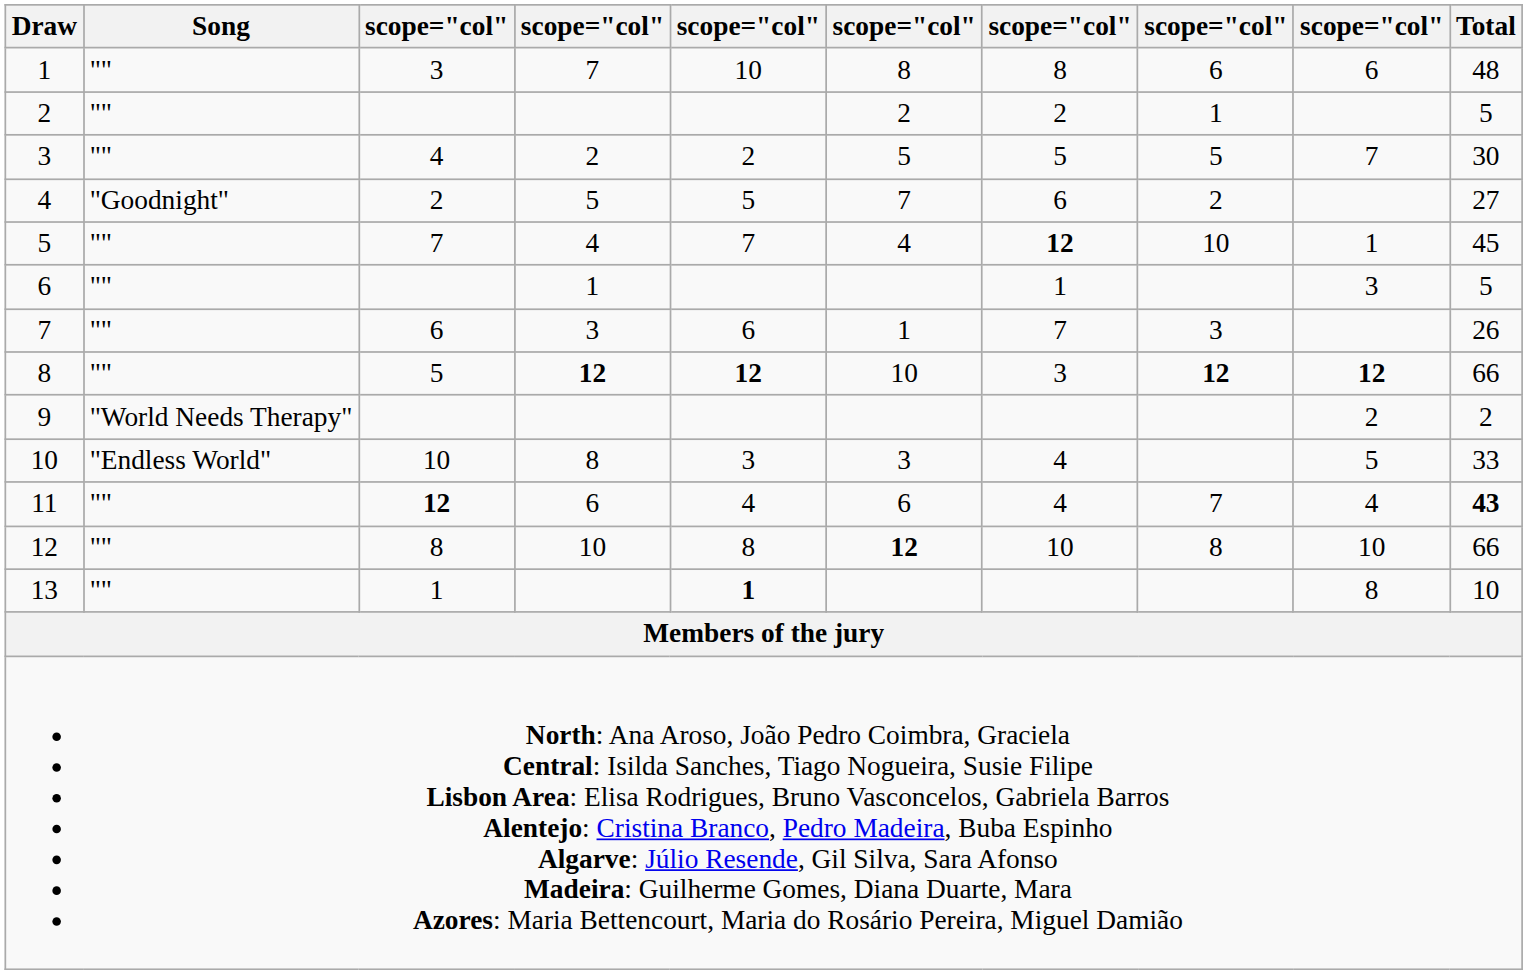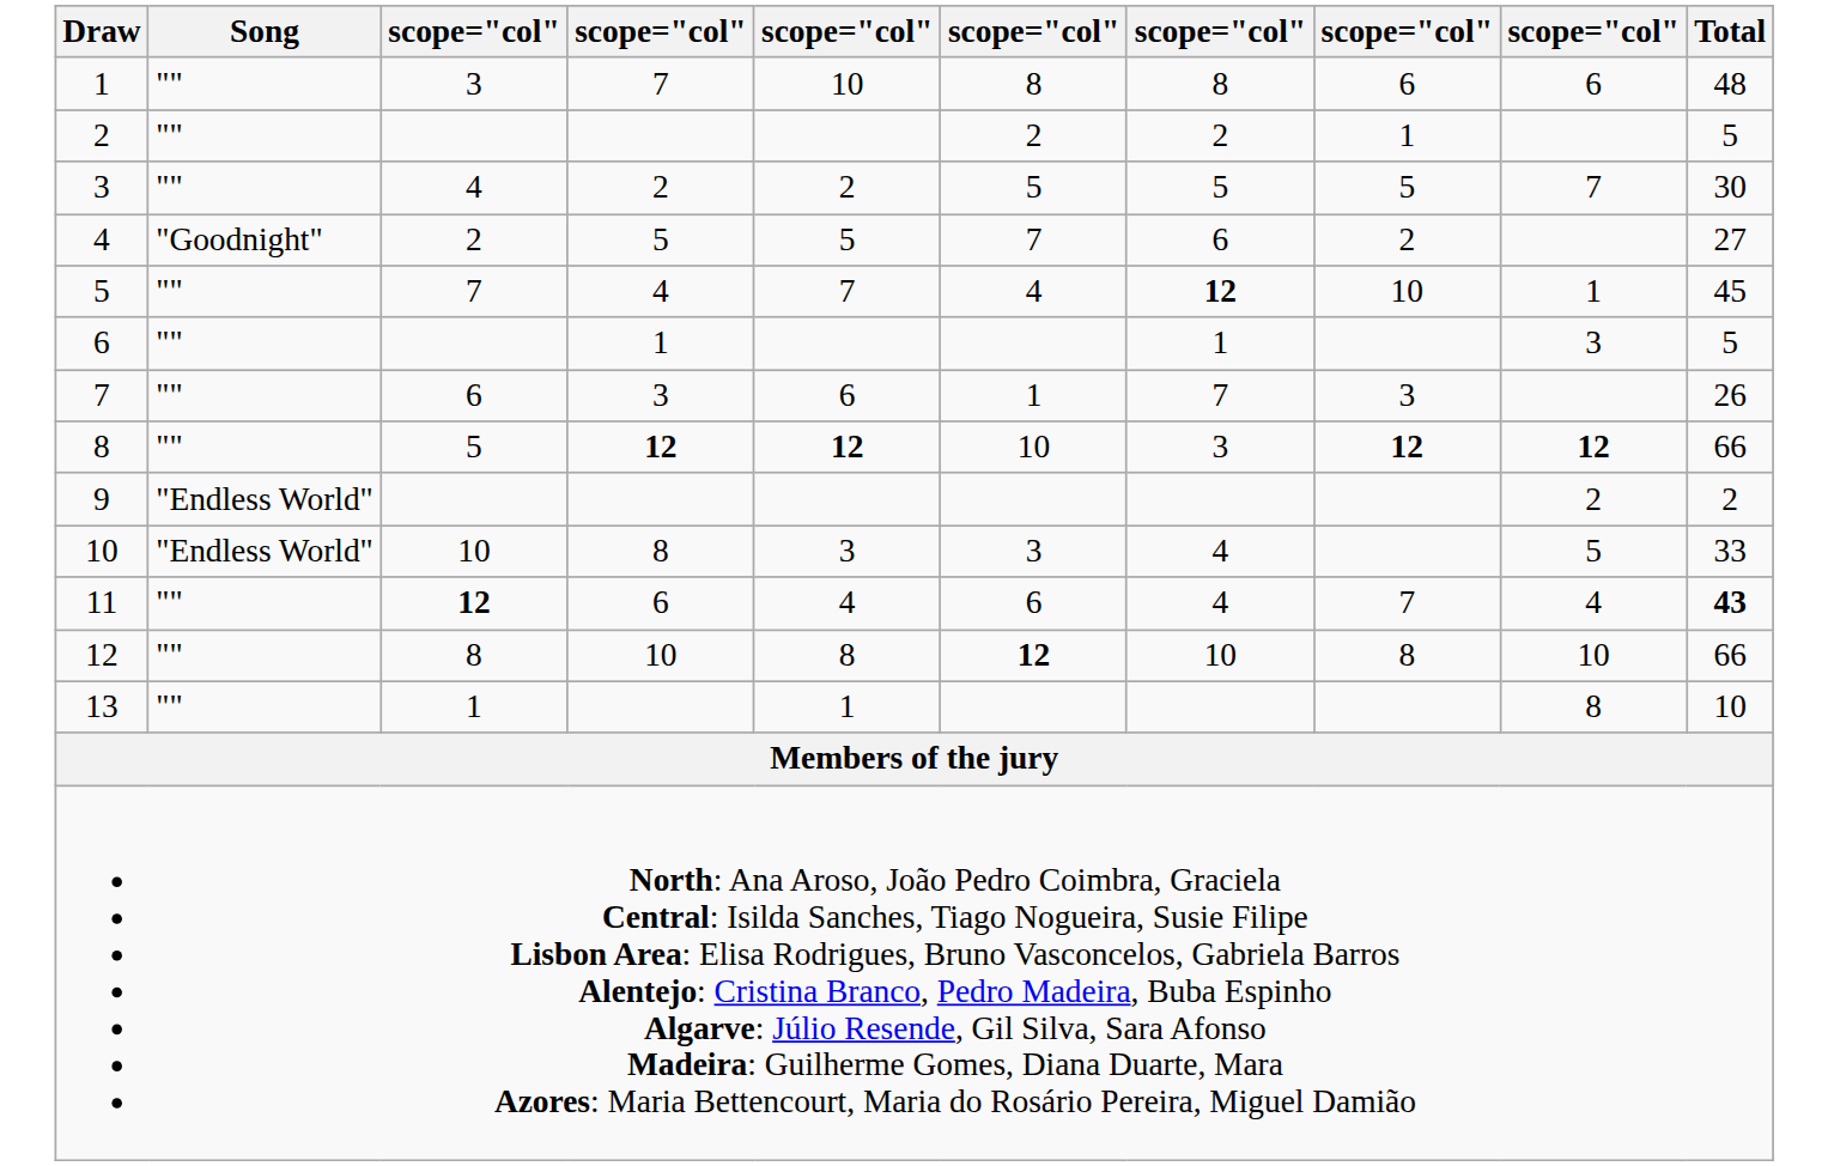 <table class="wikitable collapsible" style="margin: 1em auto 1em auto; text-align:center">
 <tr>
 <th>Draw</th>
 <th>Song</th>
 <th>scope="col" </th>
 <th>scope="col" </th>
 <th>scope="col" </th>
 <th>scope="col" </th>
 <th>scope="col" </th>
 <th>scope="col" </th>
 <th>scope="col" </th>
 <th>Total</th>
 </tr>
 <tr>
 <td>1</td>
 <td align="left">""</td>
 <td>3</td>
 <td>7</td>
 <td>10</td>
 <td>8</td>
 <td>8</td>
 <td>6</td>
 <td>6</td>
 <td>48</td>
 </tr>
 <tr>
 <td>2</td>
 <td align="left">""</td>
 <td></td>
 <td></td>
 <td></td>
 <td>2</td>
 <td>2</td>
 <td>1</td>
 <td></td>
 <td>5</td>
 </tr>
 <tr>
 <td>3</td>
 <td align="left">""</td>
 <td>4</td>
 <td>2</td>
 <td>2</td>
 <td>5</td>
 <td>5</td>
 <td>5</td>
 <td>7</td>
 <td>30</td>
 </tr>
 <tr>
 <td>4</td>
 <td align="left">"Goodnight"</td>
 <td>2</td>
 <td>5</td>
 <td>5</td>
 <td>7</td>
 <td>6</td>
 <td>2</td>
 <td></td>
 <td>27</td>
 </tr>
 <tr>
 <td>5</td>
 <td align="left">""</td>
 <td>7</td>
 <td>4</td>
 <td>7</td>
 <td>4</td>
 <td><strong>12</strong></td>
 <td>10</td>
 <td>1</td>
 <td>45</td>
 </tr>
 <tr>
 <td>6</td>
 <td align="left">""</td>
 <td></td>
 <td>1</td>
 <td></td>
 <td></td>
 <td>1</td>
 <td></td>
 <td>3</td>
 <td>5</td>
 </tr>
 <tr>
 <td>7</td>
 <td align="left">""</td>
 <td>6</td>
 <td>3</td>
 <td>6</td>
 <td>1</td>
 <td>7</td>
 <td>3</td>
 <td></td>
 <td>26</td>
 </tr>
 <tr>
 <td>8</td>
 <td align="left">""</td>
 <td>5</td>
 <td><strong>12</strong></td>
 <td><strong>12</strong></td>
 <td>10</td>
 <td>3</td>
 <td><strong>12</strong></td>
 <td><strong>12</strong></td>
 <td>66</td>
 </tr>
 <tr>
 <td>9</td>
-<td align="left">"World Needs Therapy"</td>
+<td align="left">"Endless World"</td>
 <td></td>
 <td></td>
 <td></td>
 <td></td>
 <td></td>
 <td></td>
 <td>2</td>
 <td>2</td>
 </tr>
 <tr>
 <td>10</td>
 <td align="left">"Endless World"</td>
 <td>10</td>
 <td>8</td>
 <td>3</td>
 <td>3</td>
 <td>4</td>
 <td></td>
 <td>5</td>
 <td>33</td>
 </tr>
 <tr>
 <td>11</td>
 <td align="left">""</td>
 <td><strong>12</strong></td>
 <td>6</td>
 <td>4</td>
 <td>6</td>
 <td>4</td>
 <td>7</td>
 <td>4</td>
 <td><strong>43</strong></td>
 </tr>
 <tr>
 <td>12</td>
 <td align="left">""</td>
 <td>8</td>
 <td>10</td>
 <td>8</td>
 <td><strong>12</strong></td>
 <td>10</td>
 <td>8</td>
 <td>10</td>
 <td>66</td>
 </tr>
 <tr>
 <td>13</td>
 <td align="left">""</td>
 <td>1</td>
 <td></td>
-<td><strong>1</strong></td>
+<td>1</td>
 <td></td>
 <td></td>
 <td></td>
 <td>8</td>
 <td>10</td>
 </tr>
 <tr>
 <th colspan="10">Members of the jury</th>
 </tr>
 <tr>
 <td colspan="10"><br><ul><li><strong>North</strong>: Ana Aroso, João Pedro Coimbra, Graciela</li><li><strong>Central</strong>: Isilda Sanches, Tiago Nogueira, Susie Filipe</li><li><strong>Lisbon Area</strong>: Elisa Rodrigues, Bruno Vasconcelos, Gabriela Barros</li><li><strong>Alentejo</strong>: <a href='#'>Cristina Branco</a>, <a href='#'>Pedro Madeira</a>, Buba Espinho</li><li><strong>Algarve</strong>: <a href='#'>Júlio Resende</a>, Gil Silva, Sara Afonso</li><li><strong>Madeira</strong>: Guilherme Gomes, Diana Duarte, Mara</li><li><strong>Azores</strong>: Maria Bettencourt, Maria do Rosário Pereira, Miguel Damião</li></ul></td>
 </tr>
 </table>
